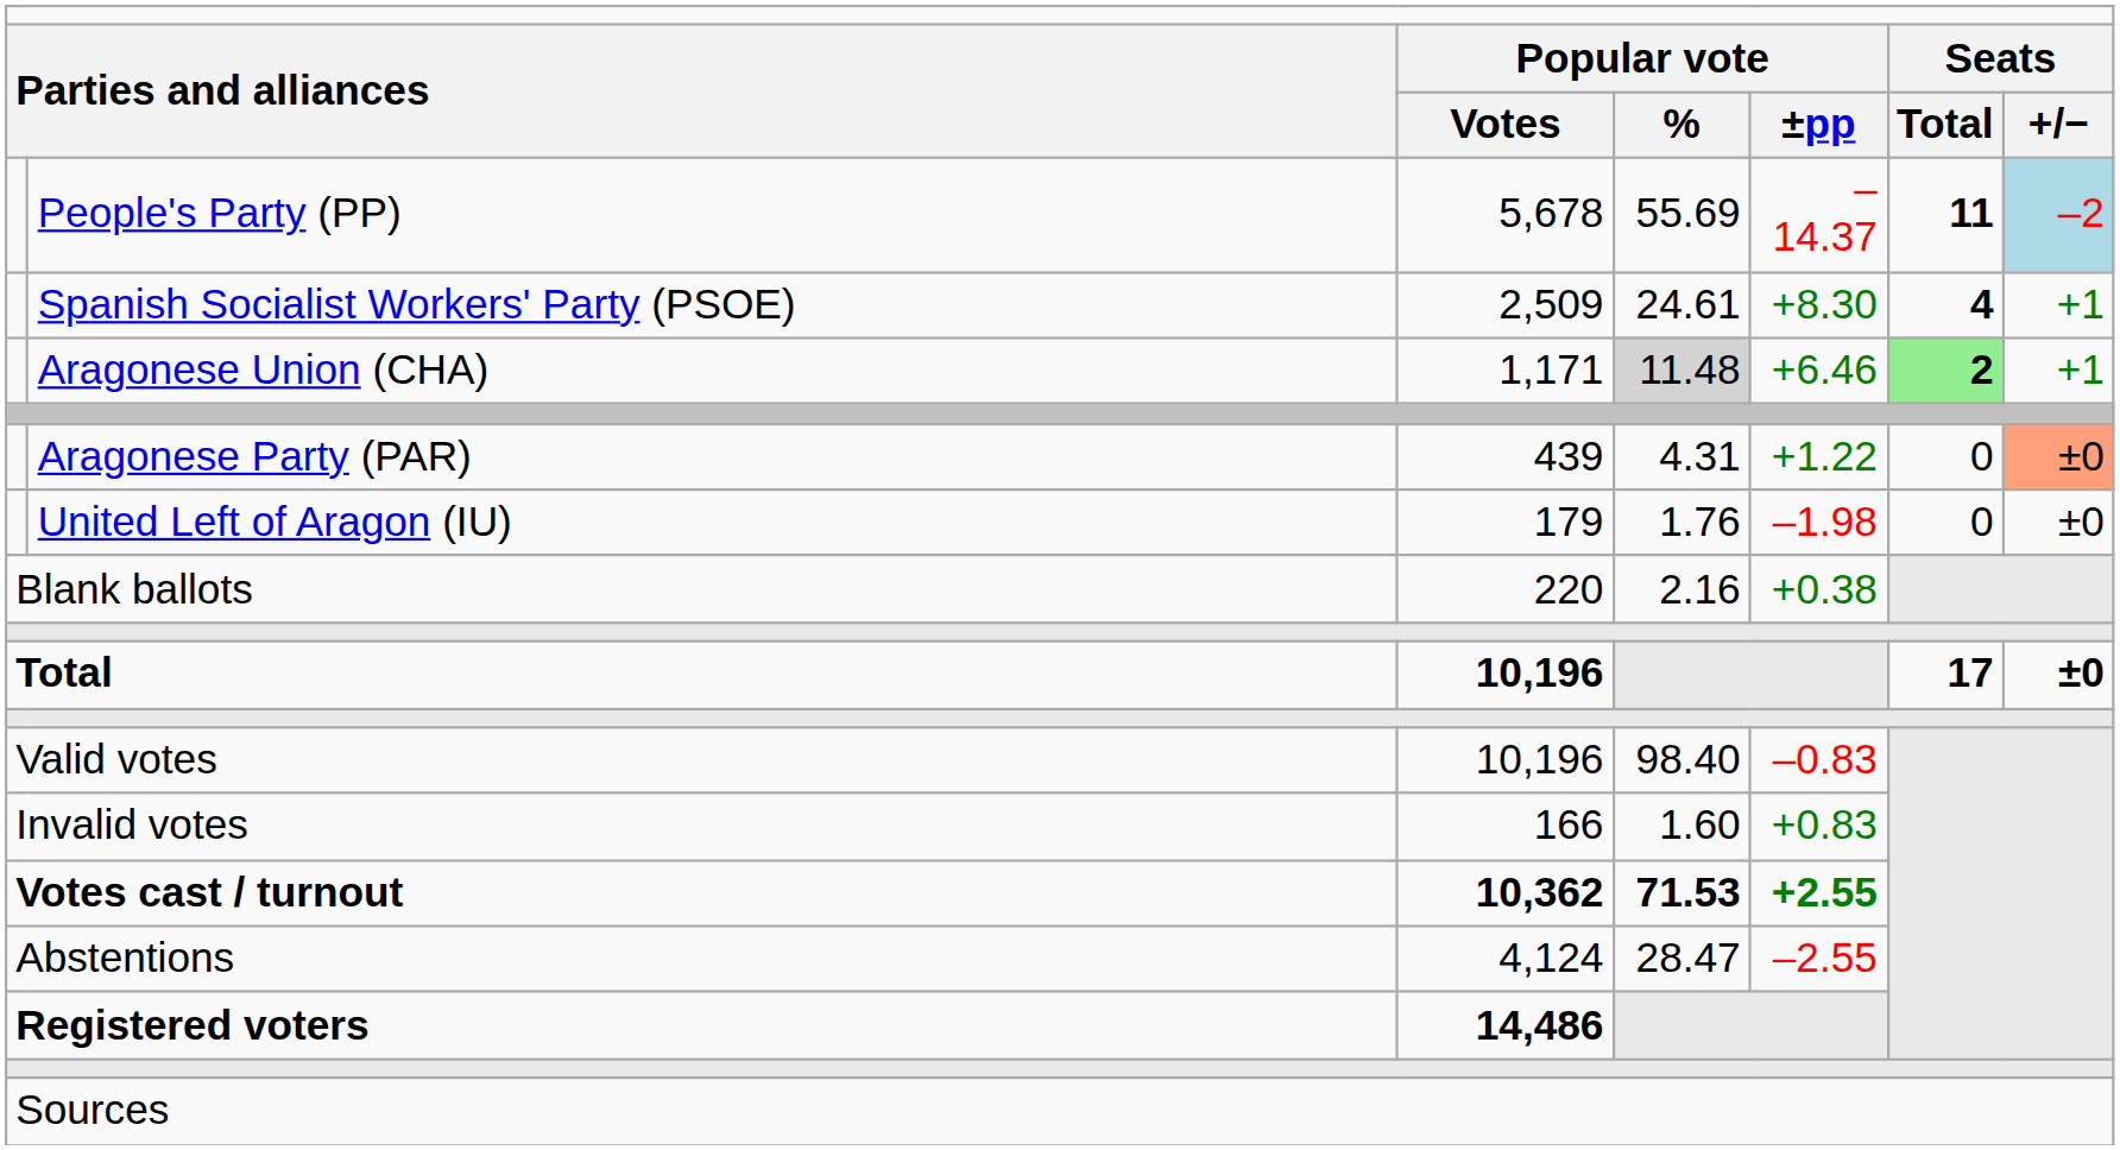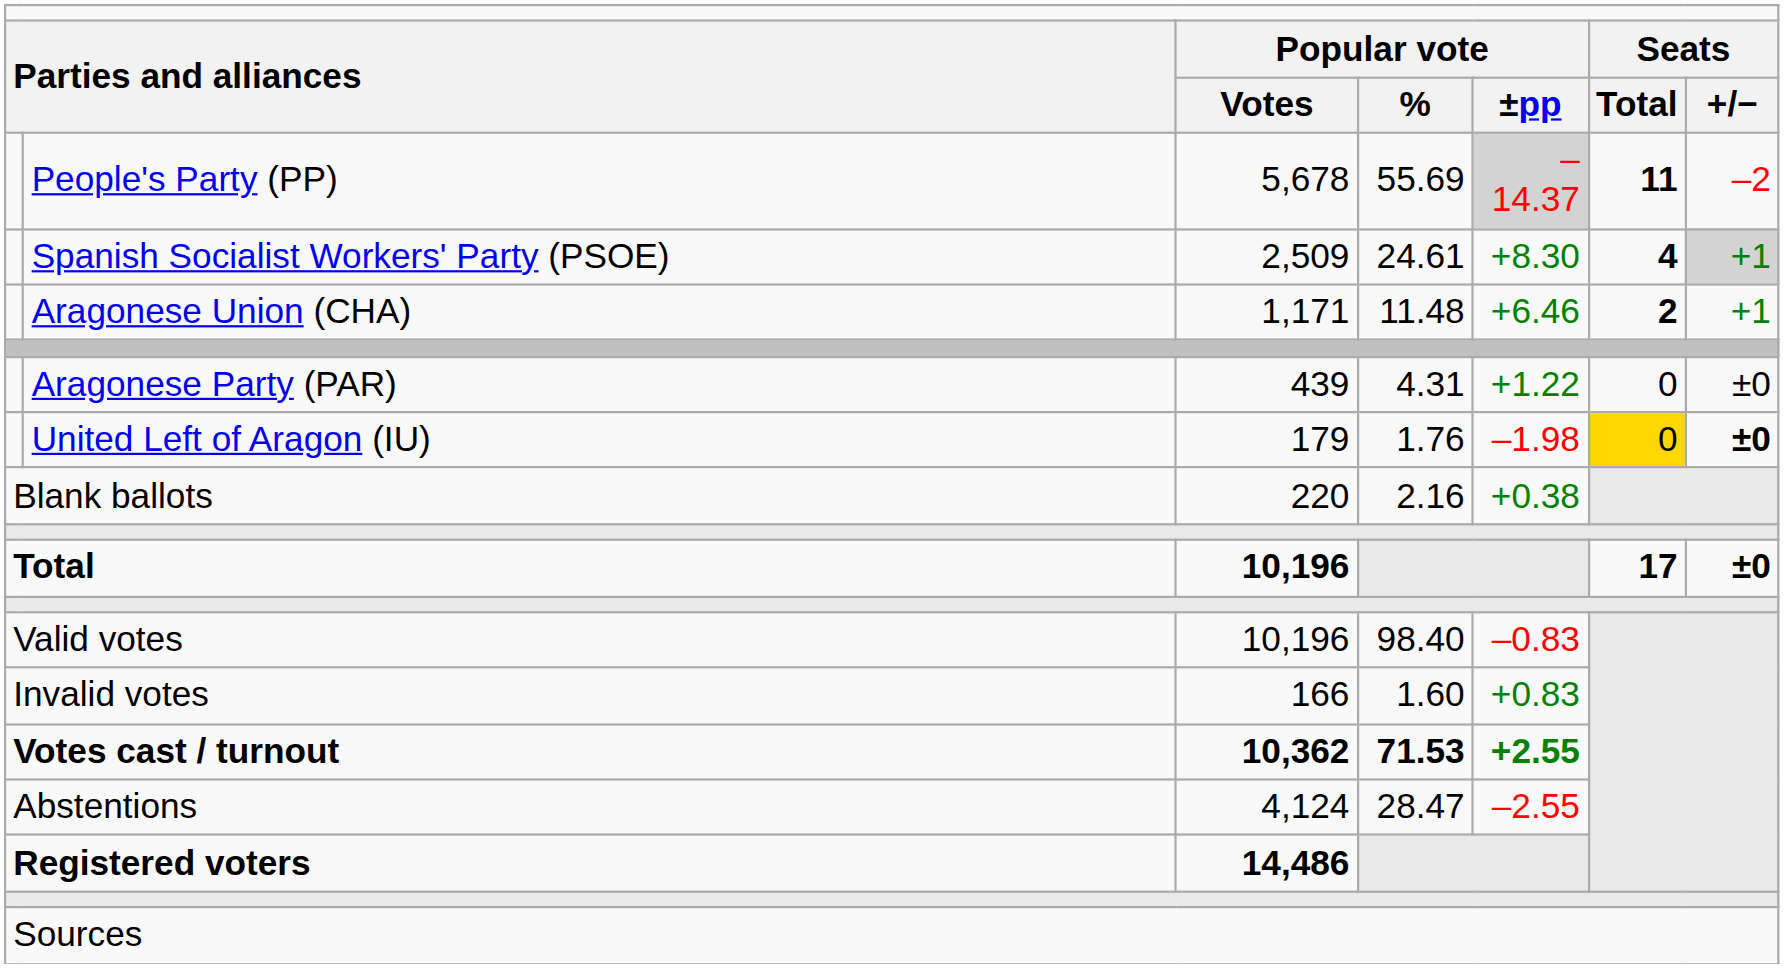 <table class="wikitable" style="text-align:right;">
 <tr>
 <td colspan="7"></td>
 </tr>
 <tr>
 <th style="text-align:left;" rowspan="2" colspan="2" width="525">Parties and alliances</th>
 <th colspan="3">Popular vote</th>
 <th colspan="2">Seats</th>
 </tr>
 <tr>
 <th width="75">Votes</th>
 <th width="45">%</th>
 <th width="45">±<a href='#'>pp</a></th>
 <th width="35">Total</th>
 <th width="35">+/−</th>
 </tr>
 <tr>
 <td width="1" style="color:inherit;background:"></td>
 <td align="left"><a href='#'>People's Party</a> (PP)</td>
 <td>5,678</td>
 <td>55.69</td>
-<td style="color:red;">–14.37</td>
+<td style="background: lightgrey; color:red;">–14.37</td>
 <td><strong>11</strong></td>
-<td style="background: lightblue; color:red;">–2</td>
+<td style="color:red;">–2</td>
 </tr>
 <tr>
 <td style="color:inherit;background:"></td>
 <td align="left"><a href='#'>Spanish Socialist Workers' Party</a> (PSOE)</td>
 <td>2,509</td>
 <td>24.61</td>
 <td style="color:green;">+8.30</td>
 <td><strong>4</strong></td>
-<td style="color:green;">+1</td>
+<td style="background: lightgrey; color:green;">+1</td>
 </tr>
 <tr>
 <td style="color:inherit;background:"></td>
 <td align="left"><a href='#'>Aragonese Union</a> (CHA)</td>
 <td>1,171</td>
-<td style="background: lightgrey;">11.48</td>
+<td>11.48</td>
 <td style="color:green;">+6.46</td>
-<td style="background: lightgreen;"><strong>2</strong></td>
+<td><strong>2</strong></td>
 <td style="color:green;">+1</td>
 </tr>
 <tr>
 <td colspan="7" bgcolor="#C0C0C0"></td>
 </tr>
 <tr>
 <td style="color:inherit;background:"></td>
 <td align="left"><a href='#'>Aragonese Party</a> (PAR)</td>
 <td>439</td>
 <td>4.31</td>
 <td style="color:green;">+1.22</td>
 <td>0</td>
-<td style="background: lightsalmon;">±0</td>
+<td>±0</td>
 </tr>
 <tr>
 <td style="color:inherit;background:"></td>
 <td align="left"><a href='#'>United Left of Aragon</a> (IU)</td>
 <td>179</td>
 <td>1.76</td>
 <td style="color:red;">–1.98</td>
-<td>0</td>
-<td>±0</td>
+<td style="background: gold;">0</td>
+<td><strong>±0</strong></td>
 </tr>
 <tr>
 <td align="left" colspan="2">Blank ballots</td>
 <td>220</td>
 <td>2.16</td>
 <td style="color:green;">+0.38</td>
 <td bgcolor="#E9E9E9" colspan="2"></td>
 </tr>
 <tr>
 <td colspan="7" bgcolor="#E9E9E9"></td>
 </tr>
 <tr style="font-weight:bold;">
 <td align="left" colspan="2">Total</td>
 <td>10,196</td>
 <td bgcolor="#E9E9E9" colspan="2"></td>
 <td>17</td>
 <td>±0</td>
 </tr>
 <tr>
 <td colspan="7" bgcolor="#E9E9E9"></td>
 </tr>
 <tr>
 <td align="left" colspan="2">Valid votes</td>
 <td>10,196</td>
 <td>98.40</td>
 <td style="color:red;">–0.83</td>
 <td bgcolor="#E9E9E9" colspan="2" rowspan="5"></td>
 </tr>
 <tr>
 <td align="left" colspan="2">Invalid votes</td>
 <td>166</td>
 <td>1.60</td>
 <td style="color:green;">+0.83</td>
 </tr>
 <tr style="font-weight:bold;">
 <td align="left" colspan="2">Votes cast / turnout</td>
 <td>10,362</td>
 <td>71.53</td>
 <td style="color:green;">+2.55</td>
 </tr>
 <tr>
 <td align="left" colspan="2">Abstentions</td>
 <td>4,124</td>
 <td>28.47</td>
 <td style="color:red;">–2.55</td>
 </tr>
 <tr style="font-weight:bold;">
 <td align="left" colspan="2">Registered voters</td>
 <td>14,486</td>
 <td bgcolor="#E9E9E9" colspan="2"></td>
 </tr>
 <tr>
 <td colspan="7" bgcolor="#E9E9E9"></td>
 </tr>
 <tr>
 <td align="left" colspan="7">Sources</td>
 </tr>
 </table>
